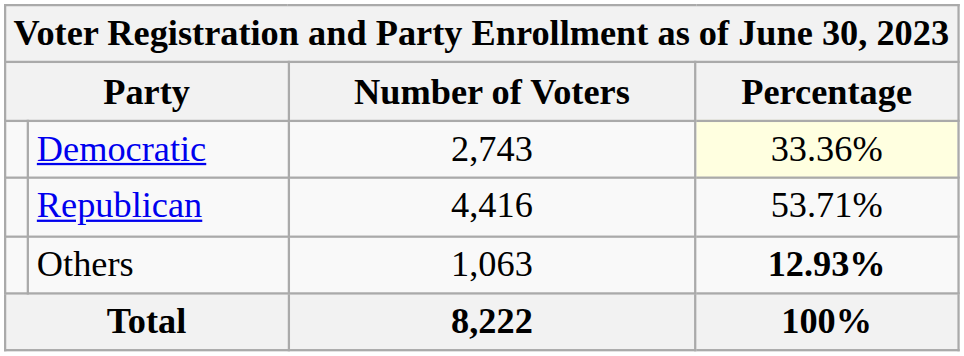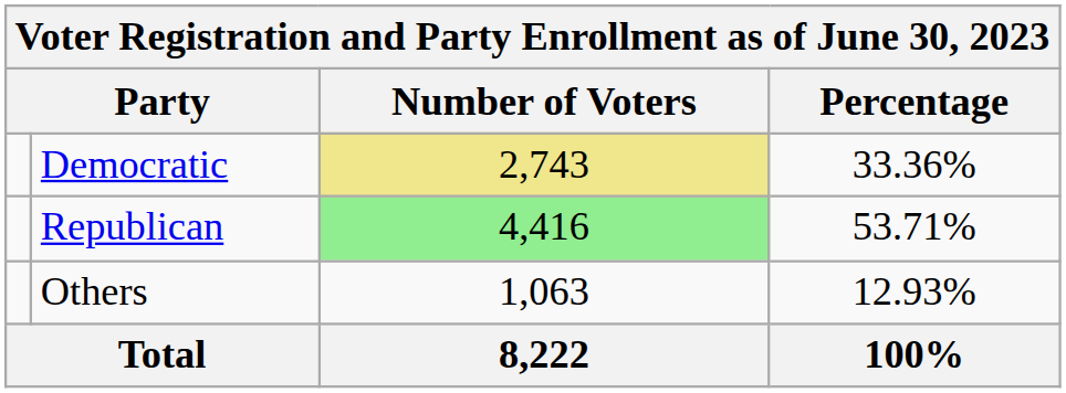 <table class=wikitable>
 <tr>
 <th colspan = 6>Voter Registration and Party Enrollment as of June 30, 2023</th>
 </tr>
 <tr>
 <th colspan = 2>Party</th>
 <th>Number of Voters</th>
 <th>Percentage</th>
 </tr>
 <tr>
 <td></td>
 <td><a href='#'>Democratic</a></td>
-<td align = center>2,743</td>
-<td align = center style="background: lightyellow;">33.36%</td>
+<td align = center style="background: khaki;">2,743</td>
+<td align = center>33.36%</td>
 </tr>
 <tr>
 <td></td>
 <td><a href='#'>Republican</a></td>
-<td align = center>4,416</td>
+<td align = center style="background: lightgreen;">4,416</td>
 <td align = center>53.71%</td>
 </tr>
 <tr>
 <td></td>
 <td>Others</td>
 <td align = center>1,063</td>
-<td align = center><strong>12.93%</strong></td>
+<td align = center>12.93%</td>
 </tr>
 <tr>
 <th colspan = 2>Total</th>
 <th align = center>8,222</th>
 <th align = center>100%</th>
 </tr>
 </table>
